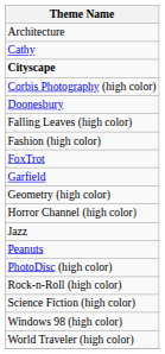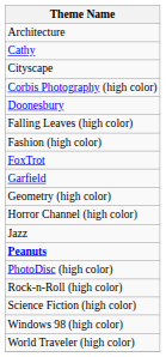 <table class="wikitable sortable collapsible">
 <tr>
 <th>Theme Name</th>
 </tr>
 <tr>
 <td>Architecture</td>
 </tr>
 <tr>
 <td><a href='#'>Cathy</a></td>
 </tr>
 <tr>
-<td><strong>Cityscape</strong></td>
+<td>Cityscape</td>
 </tr>
 <tr>
 <td><a href='#'>Corbis Photography</a> (high color)</td>
 </tr>
 <tr>
 <td><a href='#'>Doonesbury</a></td>
 </tr>
 <tr>
 <td>Falling Leaves (high color)</td>
 </tr>
 <tr>
 <td>Fashion (high color)</td>
 </tr>
 <tr>
 <td><a href='#'>FoxTrot</a></td>
 </tr>
 <tr>
 <td><a href='#'>Garfield</a></td>
 </tr>
 <tr>
 <td>Geometry (high color)</td>
 </tr>
 <tr>
 <td>Horror Channel (high color)</td>
 </tr>
 <tr>
 <td>Jazz</td>
 </tr>
 <tr>
-<td><a href='#'>Peanuts</a></td>
+<td><strong><a href='#'>Peanuts</a></strong></td>
 </tr>
 <tr>
 <td><a href='#'>PhotoDisc</a> (high color)</td>
 </tr>
 <tr>
 <td>Rock-n-Roll (high color)</td>
 </tr>
 <tr>
 <td>Science Fiction (high color)</td>
 </tr>
 <tr>
 <td>Windows 98 (high color)</td>
 </tr>
 <tr>
 <td>World Traveler (high color)</td>
 </tr>
 <tr>
 </tr>
 </table>
